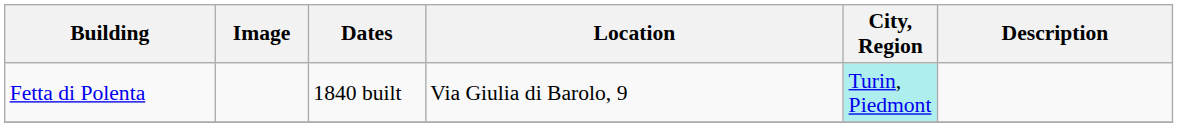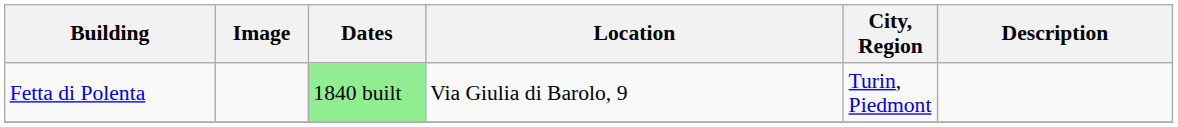 <table class="wikitable sortable" style="width:98%">
 <tr>
 <th width = 18%><strong>Building</strong></th>
 <th width = 8% class="unsortable"><strong>Image</strong></th>
 <th width = 10%><strong>Dates</strong></th>
 <th><strong>Location</strong></th>
 <th width = 8%><strong>City, Region</strong></th>
 <th class="unsortable"><strong>Description</strong></th>
 </tr>
 <tr>
 <td><a href='#'>Fetta di Polenta</a></td>
 <td></td>
-<td>1840 built</td>
+<td style="background: lightgreen;">1840 built</td>
 <td>Via Giulia di Barolo, 9<br></td>
-<td style="background: paleturquoise;"><a href='#'>Turin</a>, <a href='#'>Piedmont</a></td>
+<td><a href='#'>Turin</a>, <a href='#'>Piedmont</a></td>
 <td></td>
 </tr>
 <tr>
 </tr>
 </table>
